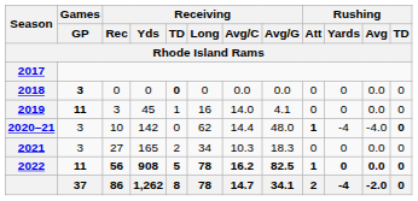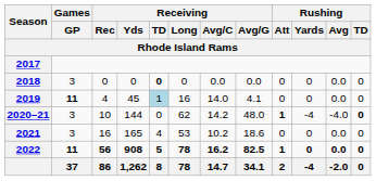 <table class="wikitable" style="text-align:center;">
 <tr>
 <th rowspan="2">Season</th>
 <th>Games</th>
 <th colspan="6">Receiving</th>
 <th colspan="4">Rushing</th>
 </tr>
 <tr>
 <th>GP</th>
 <th>Rec</th>
 <th>Yds</th>
 <th>TD</th>
 <th>Long</th>
 <th>Avg/C</th>
 <th>Avg/G</th>
 <th>Att</th>
 <th>Yards</th>
 <th>Avg</th>
 <th>TD</th>
 </tr>
 <tr>
 <th colspan="16">Rhode Island Rams</th>
 </tr>
 <tr>
 <th><a href='#'>2017</a></th>
 <td colspan="11"></td>
 </tr>
 <tr>
 <th><a href='#'>2018</a></th>
-<td><strong>3</strong></td>
+<td>3</td>
 <td>0</td>
 <td>0</td>
 <td><strong>0</strong></td>
 <td>0</td>
 <td>0.0</td>
 <td>0.0</td>
 <td>0</td>
 <td>0</td>
 <td>0.0</td>
 <td>0</td>
 </tr>
 <tr>
 <th><a href='#'>2019</a></th>
 <td><strong>11</strong></td>
-<td>3</td>
+<td>4</td>
 <td>45</td>
-<td>1</td>
+<td style="background: lightblue;">1</td>
 <td>16</td>
 <td>14.0</td>
 <td>4.1</td>
 <td>0</td>
 <td>0</td>
 <td>0.0</td>
 <td>0</td>
 </tr>
 <tr>
 <th><a href='#'>2020–21</a></th>
 <td>3</td>
 <td>10</td>
-<td>142</td>
+<td>144</td>
 <td>0</td>
 <td>62</td>
-<td>14.4</td>
+<td>14.2</td>
 <td>48.0</td>
 <td><strong>1</strong></td>
 <td>-4</td>
 <td>-4.0</td>
 <td><strong>0</strong></td>
 </tr>
 <tr>
 <th><a href='#'>2021</a></th>
 <td>3</td>
-<td>27</td>
+<td>16</td>
 <td>165</td>
-<td>2</td>
-<td>34</td>
-<td>10.3</td>
-<td>18.3</td>
+<td>4</td>
+<td>53</td>
+<td>10.2</td>
+<td>18.6</td>
 <td>0</td>
 <td>0</td>
 <td>0.0</td>
 <td>0</td>
 </tr>
 <tr>
 <th><a href='#'>2022</a></th>
 <td><strong>11</strong></td>
 <td><strong>56</strong></td>
 <td><strong>908</strong></td>
 <td><strong>5</strong></td>
 <td><strong>78</strong></td>
 <td><strong>16.2</strong></td>
 <td><strong>82.5</strong></td>
 <td><strong>1</strong></td>
 <td><strong>0</strong></td>
 <td><strong>0.0</strong></td>
 <td><strong>0</strong></td>
 </tr>
 <tr>
 <th></th>
 <th>37</th>
 <th>86</th>
 <th>1,262</th>
 <th>8</th>
 <th>78</th>
 <th>14.7</th>
 <th>34.1</th>
 <th>2</th>
 <th>-4</th>
 <th>-2.0</th>
 <th>0</th>
 </tr>
 </table>
